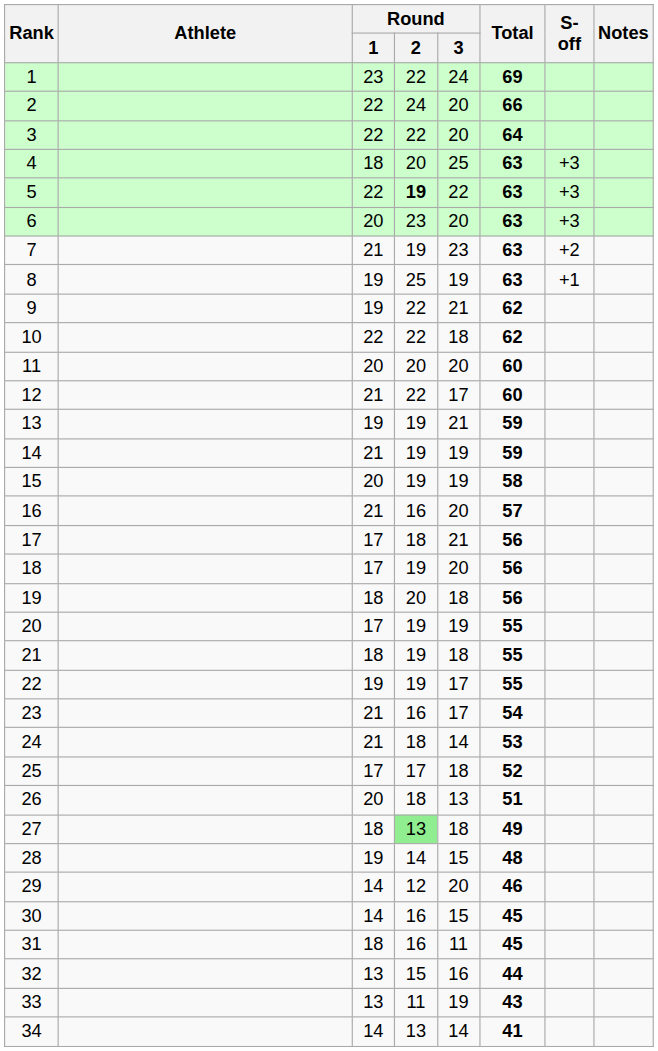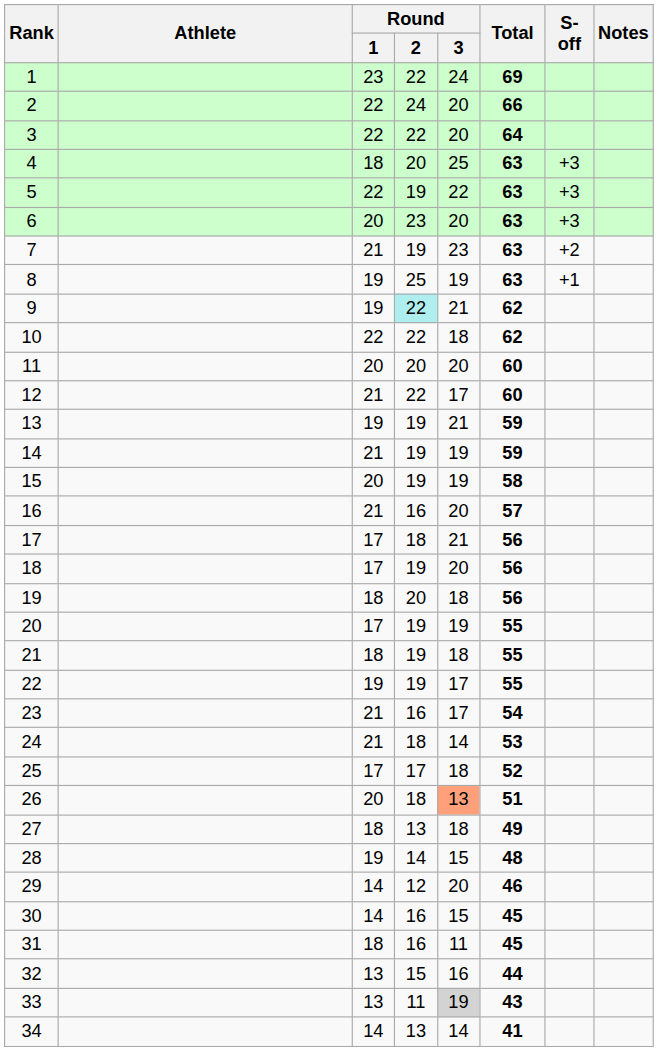 <table class="wikitable" style="text-align:center">
 <tr>
 <th rowspan=2 width=40>Rank</th>
 <th rowspan=2 width=250>Athlete</th>
 <th colspan=3>Round</th>
 <th rowspan=2 width=50>Total</th>
 <th rowspan=2 width=35>S-off</th>
 <th rowspan=2 width=45>Notes</th>
 </tr>
 <tr>
 <th width=30>1</th>
 <th width=30>2</th>
 <th width=30>3</th>
 </tr>
 <tr bgcolor=ccffcc>
 <td>1</td>
 <td align=left></td>
 <td>23</td>
 <td>22</td>
 <td>24</td>
 <td><strong>69</strong></td>
 <td></td>
 <td></td>
 </tr>
 <tr bgcolor=ccffcc>
 <td>2</td>
 <td align=left></td>
 <td>22</td>
 <td>24</td>
 <td>20</td>
 <td><strong>66</strong></td>
 <td></td>
 <td></td>
 </tr>
 <tr bgcolor=ccffcc>
 <td>3</td>
 <td align=left></td>
 <td>22</td>
 <td>22</td>
 <td>20</td>
 <td><strong>64</strong></td>
 <td></td>
 <td></td>
 </tr>
 <tr bgcolor=ccffcc>
 <td>4</td>
 <td align=left></td>
 <td>18</td>
 <td>20</td>
 <td>25</td>
 <td><strong>63</strong></td>
 <td>+3</td>
 <td></td>
 </tr>
 <tr bgcolor=ccffcc>
 <td>5</td>
 <td align=left></td>
 <td>22</td>
-<td><strong>19</strong></td>
+<td>19</td>
 <td>22</td>
 <td><strong>63</strong></td>
 <td>+3</td>
 <td></td>
 </tr>
 <tr bgcolor=ccffcc>
 <td>6</td>
 <td align=left></td>
 <td>20</td>
 <td>23</td>
 <td>20</td>
 <td><strong>63</strong></td>
 <td>+3</td>
 <td></td>
 </tr>
 <tr>
 <td>7</td>
 <td align=left></td>
 <td>21</td>
 <td>19</td>
 <td>23</td>
 <td><strong>63</strong></td>
 <td>+2</td>
 <td></td>
 </tr>
 <tr>
 <td>8</td>
 <td align=left></td>
 <td>19</td>
 <td>25</td>
 <td>19</td>
 <td><strong>63</strong></td>
 <td>+1</td>
 <td></td>
 </tr>
 <tr>
 <td>9</td>
 <td align=left></td>
 <td>19</td>
-<td>22</td>
+<td style="background: paleturquoise;">22</td>
 <td>21</td>
 <td><strong>62</strong></td>
 <td></td>
 <td></td>
 </tr>
 <tr>
 <td>10</td>
 <td align=left></td>
 <td>22</td>
 <td>22</td>
 <td>18</td>
 <td><strong>62</strong></td>
 <td></td>
 <td></td>
 </tr>
 <tr>
 <td>11</td>
 <td align=left></td>
 <td>20</td>
 <td>20</td>
 <td>20</td>
 <td><strong>60</strong></td>
 <td></td>
 <td></td>
 </tr>
 <tr>
 <td>12</td>
 <td align=left></td>
 <td>21</td>
 <td>22</td>
 <td>17</td>
 <td><strong>60</strong></td>
 <td></td>
 <td></td>
 </tr>
 <tr>
 <td>13</td>
 <td align=left></td>
 <td>19</td>
 <td>19</td>
 <td>21</td>
 <td><strong>59</strong></td>
 <td></td>
 <td></td>
 </tr>
 <tr>
 <td>14</td>
 <td align=left></td>
 <td>21</td>
 <td>19</td>
 <td>19</td>
 <td><strong>59</strong></td>
 <td></td>
 <td></td>
 </tr>
 <tr>
 <td>15</td>
 <td align=left></td>
 <td>20</td>
 <td>19</td>
 <td>19</td>
 <td><strong>58</strong></td>
 <td></td>
 <td></td>
 </tr>
 <tr>
 <td>16</td>
 <td align=left></td>
 <td>21</td>
 <td>16</td>
 <td>20</td>
 <td><strong>57</strong></td>
 <td></td>
 <td></td>
 </tr>
 <tr>
 <td>17</td>
 <td align=left></td>
 <td>17</td>
 <td>18</td>
 <td>21</td>
 <td><strong>56</strong></td>
 <td></td>
 <td></td>
 </tr>
 <tr>
 <td>18</td>
 <td align=left></td>
 <td>17</td>
 <td>19</td>
 <td>20</td>
 <td><strong>56</strong></td>
 <td></td>
 <td></td>
 </tr>
 <tr>
 <td>19</td>
 <td align=left></td>
 <td>18</td>
 <td>20</td>
 <td>18</td>
 <td><strong>56</strong></td>
 <td></td>
 <td></td>
 </tr>
 <tr>
 <td>20</td>
 <td align=left></td>
 <td>17</td>
 <td>19</td>
 <td>19</td>
 <td><strong>55</strong></td>
 <td></td>
 <td></td>
 </tr>
 <tr>
 <td>21</td>
 <td align=left></td>
 <td>18</td>
 <td>19</td>
 <td>18</td>
 <td><strong>55</strong></td>
 <td></td>
 <td></td>
 </tr>
 <tr>
 <td>22</td>
 <td align=left></td>
 <td>19</td>
 <td>19</td>
 <td>17</td>
 <td><strong>55</strong></td>
 <td></td>
 <td></td>
 </tr>
 <tr>
 <td>23</td>
 <td align=left></td>
 <td>21</td>
 <td>16</td>
 <td>17</td>
 <td><strong>54</strong></td>
 <td></td>
 <td></td>
 </tr>
 <tr>
 <td>24</td>
 <td align=left></td>
 <td>21</td>
 <td>18</td>
 <td>14</td>
 <td><strong>53</strong></td>
 <td></td>
 <td></td>
 </tr>
 <tr>
 <td>25</td>
 <td align=left></td>
 <td>17</td>
 <td>17</td>
 <td>18</td>
 <td><strong>52</strong></td>
 <td></td>
 <td></td>
 </tr>
 <tr>
 <td>26</td>
 <td align=left></td>
 <td>20</td>
 <td>18</td>
-<td>13</td>
+<td style="background: lightsalmon;">13</td>
 <td><strong>51</strong></td>
 <td></td>
 <td></td>
 </tr>
 <tr>
 <td>27</td>
 <td align=left></td>
 <td>18</td>
-<td style="background: lightgreen;">13</td>
+<td>13</td>
 <td>18</td>
 <td><strong>49</strong></td>
 <td></td>
 <td></td>
 </tr>
 <tr>
 <td>28</td>
 <td align=left></td>
 <td>19</td>
 <td>14</td>
 <td>15</td>
 <td><strong>48</strong></td>
 <td></td>
 <td></td>
 </tr>
 <tr>
 <td>29</td>
 <td align=left></td>
 <td>14</td>
 <td>12</td>
 <td>20</td>
 <td><strong>46</strong></td>
 <td></td>
 <td></td>
 </tr>
 <tr>
 <td>30</td>
 <td align=left></td>
 <td>14</td>
 <td>16</td>
 <td>15</td>
 <td><strong>45</strong></td>
 <td></td>
 <td></td>
 </tr>
 <tr>
 <td>31</td>
 <td align=left></td>
 <td>18</td>
 <td>16</td>
 <td>11</td>
 <td><strong>45</strong></td>
 <td></td>
 <td></td>
 </tr>
 <tr>
 <td>32</td>
 <td align=left></td>
 <td>13</td>
 <td>15</td>
 <td>16</td>
 <td><strong>44</strong></td>
 <td></td>
 <td></td>
 </tr>
 <tr>
 <td>33</td>
 <td align=left></td>
 <td>13</td>
 <td>11</td>
-<td>19</td>
+<td style="background: lightgrey;">19</td>
 <td><strong>43</strong></td>
 <td></td>
 <td></td>
 </tr>
 <tr>
 <td>34</td>
 <td align=left></td>
 <td>14</td>
 <td>13</td>
 <td>14</td>
 <td><strong>41</strong></td>
 <td></td>
 <td></td>
 </tr>
 </table>
